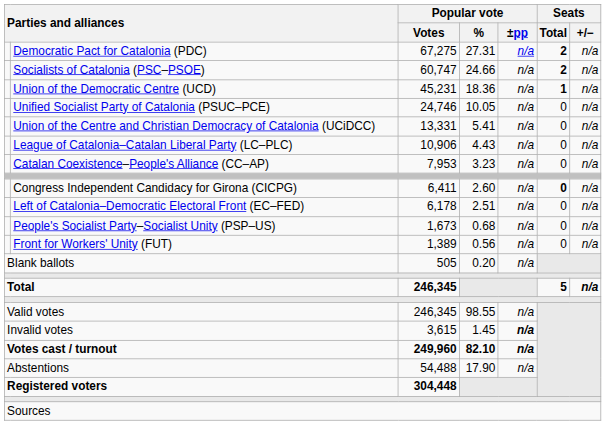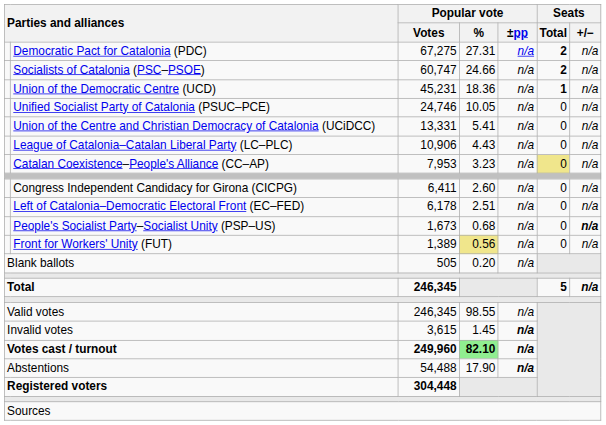 <table class="wikitable" style="text-align:right;">
 <tr>
 <th style="text-align:left;" rowspan="2" colspan="2" width="525">Parties and alliances</th>
 <th colspan="3">Popular vote</th>
 <th colspan="2">Seats</th>
 </tr>
 <tr>
 <th width="75">Votes</th>
 <th width="45">%</th>
 <th width="45">±<a href='#'>pp</a></th>
 <th width="35">Total</th>
 <th width="35">+/−</th>
 </tr>
 <tr>
 <td width="1" style="color:inherit;background:"></td>
 <td align="left"><a href='#'>Democratic Pact for Catalonia</a> (PDC)</td>
 <td>67,275</td>
 <td>27.31</td>
 <td><em><a href='#'>n/a</a></em></td>
 <td><strong>2</strong></td>
 <td><em>n/a</em></td>
 </tr>
 <tr>
 <td style="color:inherit;background:"></td>
 <td align="left"><a href='#'>Socialists of Catalonia</a> (<a href='#'>PSC</a>–<a href='#'>PSOE</a>)</td>
 <td>60,747</td>
 <td>24.66</td>
 <td><em>n/a</em></td>
 <td><strong>2</strong></td>
 <td><em>n/a</em></td>
 </tr>
 <tr>
 <td style="color:inherit;background:"></td>
 <td align="left"><a href='#'>Union of the Democratic Centre</a> (UCD)</td>
 <td>45,231</td>
 <td>18.36</td>
 <td><em>n/a</em></td>
 <td><strong>1</strong></td>
 <td><em>n/a</em></td>
 </tr>
 <tr>
 <td style="color:inherit;background:"></td>
 <td align="left"><a href='#'>Unified Socialist Party of Catalonia</a> (PSUC–PCE)</td>
 <td>24,746</td>
 <td>10.05</td>
 <td><em>n/a</em></td>
 <td>0</td>
 <td><em>n/a</em></td>
 </tr>
 <tr>
 <td style="color:inherit;background:"></td>
 <td align="left"><a href='#'>Union of the Centre and Christian Democracy of Catalonia</a> (UCiDCC)</td>
 <td>13,331</td>
 <td>5.41</td>
 <td><em>n/a</em></td>
 <td>0</td>
 <td><em>n/a</em></td>
 </tr>
 <tr>
 <td style="color:inherit;background:"></td>
 <td align="left"><a href='#'>League of Catalonia–Catalan Liberal Party</a> (LC–PLC)</td>
 <td>10,906</td>
 <td>4.43</td>
 <td><em>n/a</em></td>
 <td>0</td>
 <td><em>n/a</em></td>
 </tr>
 <tr>
 <td style="color:inherit;background:"></td>
 <td align="left"><a href='#'>Catalan Coexistence</a>–<a href='#'>People's Alliance</a> (CC–AP)</td>
 <td>7,953</td>
 <td>3.23</td>
 <td><em>n/a</em></td>
-<td>0</td>
+<td style="background: khaki;">0</td>
 <td><em>n/a</em></td>
 </tr>
 <tr>
 <td colspan="7" bgcolor="#C0C0C0"></td>
 </tr>
 <tr>
 <td style="color:inherit;background:"></td>
 <td align="left">Congress Independent Candidacy for Girona (CICPG)</td>
 <td>6,411</td>
 <td>2.60</td>
 <td><em>n/a</em></td>
-<td><strong>0</strong></td>
+<td>0</td>
 <td><em>n/a</em></td>
 </tr>
 <tr>
 <td style="color:inherit;background:"></td>
 <td align="left"><a href='#'>Left of Catalonia–Democratic Electoral Front</a> (EC–FED)</td>
 <td>6,178</td>
 <td>2.51</td>
 <td><em>n/a</em></td>
 <td>0</td>
 <td><em>n/a</em></td>
 </tr>
 <tr>
 <td style="color:inherit;background:"></td>
 <td align="left"><a href='#'>People's Socialist Party</a>–<a href='#'>Socialist Unity</a> (PSP–US)</td>
 <td>1,673</td>
 <td>0.68</td>
 <td><em>n/a</em></td>
 <td>0</td>
-<td><em>n/a</em></td>
+<td><strong><em>n/a</em></strong></td>
 </tr>
 <tr>
 <td style="color:inherit;background:"></td>
 <td align="left"><a href='#'>Front for Workers' Unity</a> (FUT)</td>
 <td>1,389</td>
-<td>0.56</td>
+<td style="background: khaki;">0.56</td>
 <td><em>n/a</em></td>
 <td>0</td>
 <td><em>n/a</em></td>
 </tr>
 <tr>
 <td align="left" colspan="2">Blank ballots</td>
 <td>505</td>
 <td>0.20</td>
 <td><em>n/a</em></td>
 <td bgcolor="#E9E9E9" colspan="2"></td>
 </tr>
 <tr>
 <td colspan="7" bgcolor="#E9E9E9"></td>
 </tr>
 <tr style="font-weight:bold;">
 <td align="left" colspan="2">Total</td>
 <td>246,345</td>
 <td bgcolor="#E9E9E9" colspan="2"></td>
 <td>5</td>
 <td><em>n/a</em></td>
 </tr>
 <tr>
 <td colspan="7" bgcolor="#E9E9E9"></td>
 </tr>
 <tr>
 <td align="left" colspan="2">Valid votes</td>
 <td>246,345</td>
 <td>98.55</td>
 <td><em>n/a</em></td>
 <td bgcolor="#E9E9E9" colspan="2" rowspan="5"></td>
 </tr>
 <tr>
 <td align="left" colspan="2">Invalid votes</td>
 <td>3,615</td>
 <td>1.45</td>
 <td><strong><em>n/a</em></strong></td>
 </tr>
 <tr style="font-weight:bold;">
 <td align="left" colspan="2">Votes cast / turnout</td>
 <td>249,960</td>
-<td>82.10</td>
+<td style="background: lightgreen;">82.10</td>
 <td><em>n/a</em></td>
 </tr>
 <tr>
 <td align="left" colspan="2">Abstentions</td>
 <td>54,488</td>
 <td>17.90</td>
-<td><em>n/a</em></td>
+<td><strong><em>n/a</em></strong></td>
 </tr>
 <tr style="font-weight:bold;">
 <td align="left" colspan="2">Registered voters</td>
 <td>304,448</td>
 <td bgcolor="#E9E9E9" colspan="2"></td>
 </tr>
 <tr>
 <td colspan="7" bgcolor="#E9E9E9"></td>
 </tr>
 <tr>
 <td align="left" colspan="7">Sources</td>
 </tr>
 </table>
